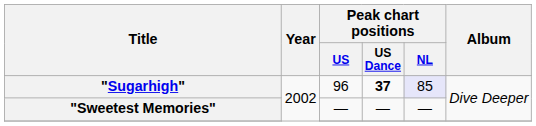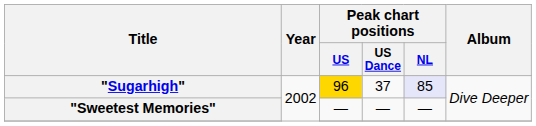 <table class="wikitable plainrowheaders" style="text-align:center;">
 <tr>
 <th scope="col" rowspan="2" style="width:19em;">Title</th>
 <th scope="col" rowspan="2" style="width:1em;">Year</th>
 <th scope="col" colspan="3">Peak chart positions</th>
 <th scope="col" rowspan="2">Album</th>
 </tr>
 <tr>
 <th scope="col" style="width:3em;font-size:85%;"><a href='#'>US</a><br></th>
 <th scope="col" style="width:3em;font-size:85%;">US <br><a href='#'>Dance</a><br></th>
 <th scope="col" style="width:3em;font-size:85%;"><a href='#'>NL</a><br></th>
 </tr>
 <tr>
 <th scope="row">"<a href='#'>Sugarhigh</a>"</th>
 <td rowspan="3">2002</td>
-<td>96</td>
-<td><strong>37</strong></td>
+<td style="background: gold;">96</td>
+<td>37</td>
 <td style="background: lavender;">85</td>
 <td rowspan="2"><em>Dive Deeper</em></td>
 </tr>
 <tr>
 <th scope="row">"Sweetest Memories"</th>
 <td>—</td>
 <td>—</td>
 <td>—</td>
 </tr>
 <tr>
 </tr>
 </table>
